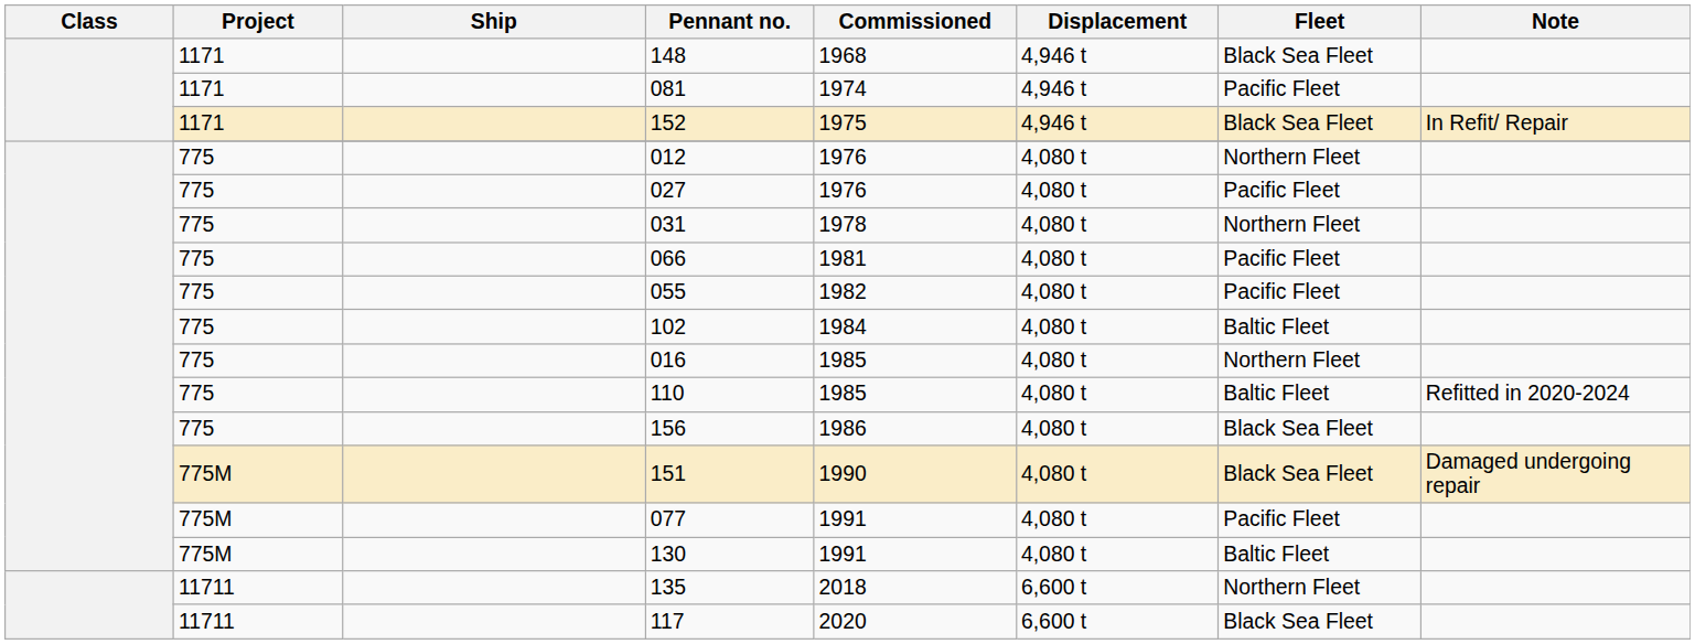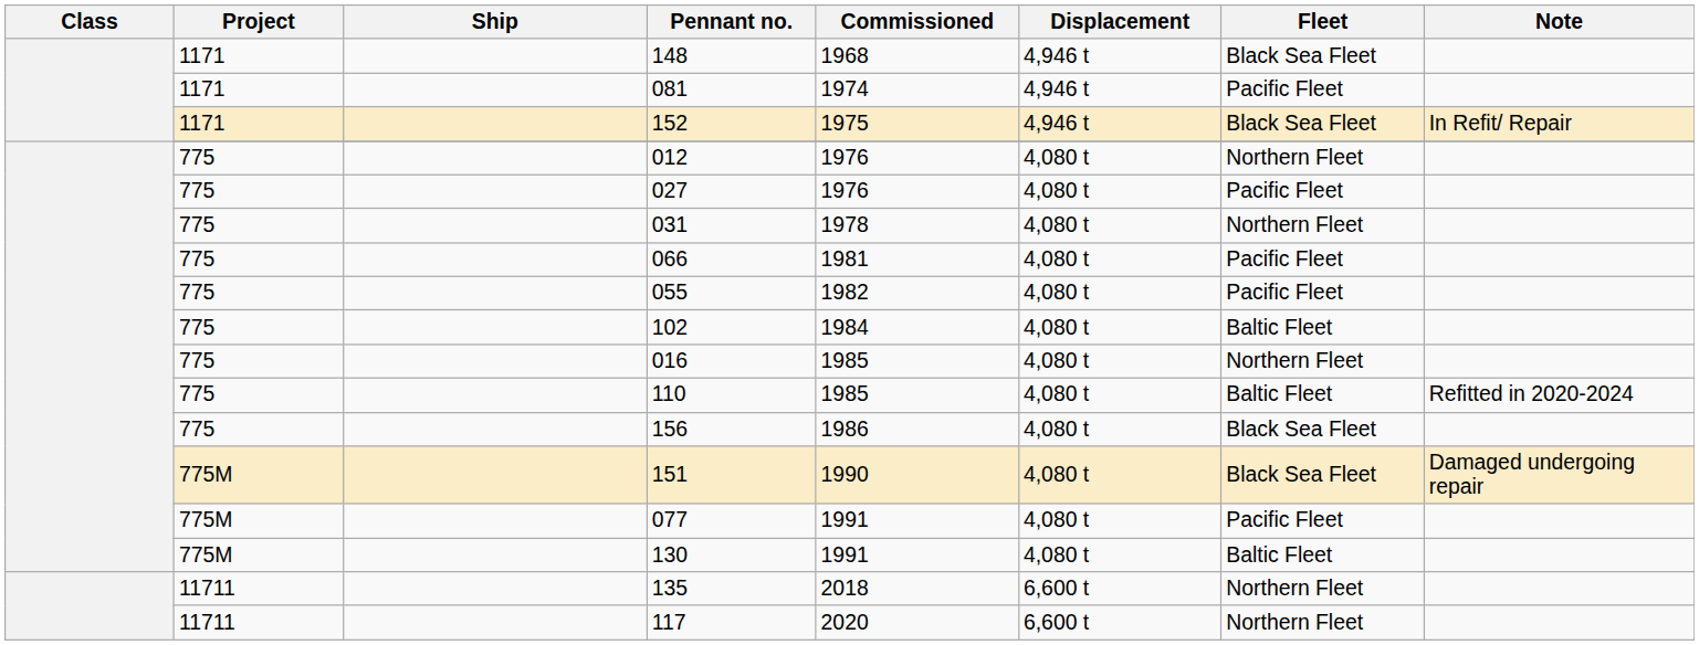 <table class="wikitable sortable" style="margin:auto; width:100%;">
 <tr>
 <th style="text-align:center; width:10%;">Class</th>
 <th style="text-align:center; width:10%;">Project</th>
 <th style="text-align:center; width:18%;">Ship</th>
 <th style="text-align:center; width:10%;">Pennant no.</th>
 <th style="text-align:center; width:12%;">Commissioned</th>
 <th style="text-align:center; width:12%;">Displacement</th>
 <th style="text-align:center; width:12%;">Fleet</th>
 <th style="text-align:center; width:18%;">Note</th>
 </tr>
 <tr>
 <th rowspan="3"></th>
 <td>1171</td>
 <td></td>
 <td>148</td>
 <td>1968</td>
 <td>4,946 t</td>
 <td>Black Sea Fleet</td>
 <td></td>
 </tr>
 <tr>
 <td>1171</td>
 <td></td>
 <td>081</td>
 <td>1974</td>
 <td>4,946 t</td>
 <td>Pacific Fleet</td>
 <td></td>
 </tr>
 <tr style="background: #FAEDC8">
 <td>1171</td>
 <td></td>
 <td>152</td>
 <td>1975</td>
 <td>4,946 t</td>
 <td>Black Sea Fleet</td>
 <td>In Refit/ Repair</td>
 </tr>
 <tr>
 <th rowspan="13"></th>
 </tr>
 <tr>
 <td>775</td>
 <td></td>
 <td>012</td>
 <td>1976</td>
 <td>4,080 t</td>
 <td>Northern Fleet</td>
 <td></td>
 </tr>
 <tr>
 <td>775</td>
 <td></td>
 <td>027</td>
 <td>1976</td>
 <td>4,080 t</td>
 <td>Pacific Fleet</td>
 <td></td>
 </tr>
 <tr>
 <td>775</td>
 <td></td>
 <td>031</td>
 <td>1978</td>
 <td>4,080 t</td>
 <td>Northern Fleet</td>
 <td></td>
 </tr>
 <tr>
 <td>775</td>
 <td></td>
 <td>066</td>
 <td>1981</td>
 <td>4,080 t</td>
 <td>Pacific Fleet</td>
 <td></td>
 </tr>
 <tr>
 <td>775</td>
 <td></td>
 <td>055</td>
 <td>1982</td>
 <td>4,080 t</td>
 <td>Pacific Fleet</td>
 <td></td>
 </tr>
 <tr>
 <td>775</td>
 <td></td>
 <td>102</td>
 <td>1984</td>
 <td>4,080 t</td>
 <td>Baltic Fleet</td>
 <td></td>
 </tr>
 <tr>
 <td>775</td>
 <td></td>
 <td>016</td>
 <td>1985</td>
 <td>4,080 t</td>
 <td>Northern Fleet</td>
 <td></td>
 </tr>
 <tr>
 <td>775</td>
 <td></td>
 <td>110</td>
 <td>1985</td>
 <td>4,080 t</td>
 <td>Baltic Fleet</td>
 <td>Refitted in 2020-2024</td>
 </tr>
 <tr>
 <td>775</td>
 <td></td>
 <td>156</td>
 <td>1986</td>
 <td>4,080 t</td>
 <td>Black Sea Fleet</td>
 <td></td>
 </tr>
 <tr style="background: #FAEDC8">
 <td>775M</td>
 <td></td>
 <td>151</td>
 <td>1990</td>
 <td>4,080 t</td>
 <td>Black Sea Fleet</td>
 <td> Damaged undergoing repair</td>
 </tr>
 <tr>
 <td>775M</td>
 <td></td>
 <td>077</td>
 <td>1991</td>
 <td>4,080 t</td>
 <td>Pacific Fleet</td>
 <td></td>
 </tr>
 <tr>
 <td>775M</td>
 <td></td>
 <td>130</td>
 <td>1991</td>
 <td>4,080 t</td>
 <td>Baltic Fleet</td>
 <td></td>
 </tr>
 <tr>
 <th rowspan="2"></th>
 <td>11711</td>
 <td></td>
 <td>135</td>
 <td>2018</td>
 <td>6,600 t</td>
 <td>Northern Fleet</td>
 <td></td>
 </tr>
 <tr>
 <td>11711</td>
 <td></td>
 <td>117</td>
 <td>2020</td>
 <td>6,600 t</td>
-<td>Black Sea Fleet</td>
+<td>Northern Fleet</td>
 <td></td>
 </tr>
 </table>
